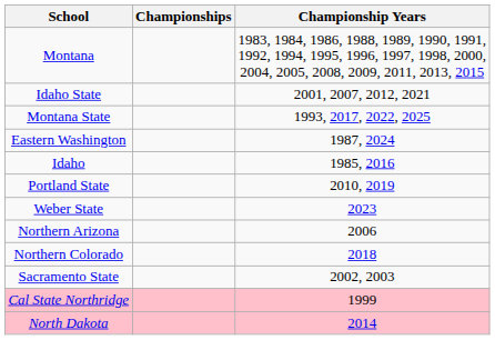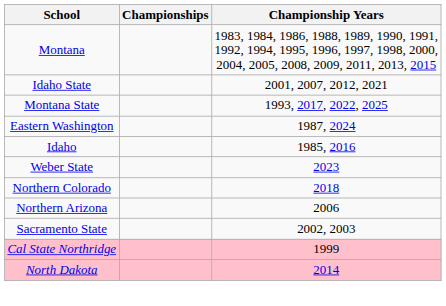 <table class="wikitable sortable" style="text-align:center">
 <tr>
 <th width=px>School</th>
 <th width=px>Championships</th>
 <th width=px>Championship Years</th>
 </tr>
 <tr>
 <td><a href='#'>Montana</a></td>
 <td></td>
 <td>1983, 1984, 1986, 1988, 1989, 1990, 1991,<br>1992, 1994, 1995, 1996, 1997, 1998, 2000,<br>2004, 2005, 2008, 2009, 2011, 2013, <a href='#'>2015</a></td>
 </tr>
 <tr>
 <td><a href='#'>Idaho State</a></td>
 <td></td>
 <td>2001, 2007, 2012, 2021</td>
 </tr>
 <tr>
 <td><a href='#'>Montana State</a></td>
 <td></td>
 <td>1993, <a href='#'>2017</a>, <a href='#'>2022</a>, <a href='#'>2025</a></td>
 </tr>
 <tr>
 <td><a href='#'>Eastern Washington</a></td>
 <td></td>
 <td>1987, <a href='#'>2024</a></td>
 </tr>
 <tr>
 <td><a href='#'>Idaho</a></td>
 <td></td>
 <td>1985, <a href='#'>2016</a></td>
 </tr>
 <tr>
-<td><a href='#'>Portland State</a></td>
-<td></td>
-<td>2010, <a href='#'>2019</a></td>
-</tr>
-<tr>
 <td><a href='#'>Weber State</a></td>
 <td></td>
 <td><a href='#'>2023</a></td>
 </tr>
 <tr>
+<td><a href='#'>Northern Colorado</a></td>
+<td></td>
+<td><a href='#'>2018</a></td>
+</tr>
+<tr>
 <td><a href='#'>Northern Arizona</a></td>
 <td></td>
 <td>2006</td>
-</tr>
-<tr>
-<td><a href='#'>Northern Colorado</a></td>
-<td></td>
-<td><a href='#'>2018</a></td>
 </tr>
 <tr>
 <td><a href='#'>Sacramento State</a></td>
 <td></td>
 <td>2002, 2003</td>
 </tr>
 <tr bgcolor=pink>
 <td><em><a href='#'>Cal State Northridge</a></em></td>
 <td></td>
 <td>1999</td>
 </tr>
 <tr bgcolor=pink>
 <td><em><a href='#'>North Dakota</a></em></td>
 <td></td>
 <td><a href='#'>2014</a></td>
 </tr>
 </table>
